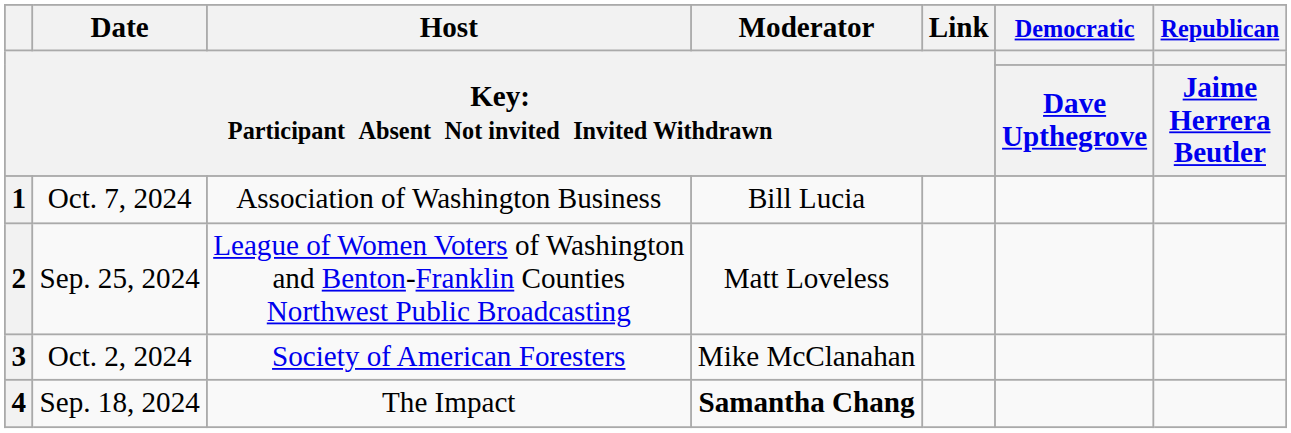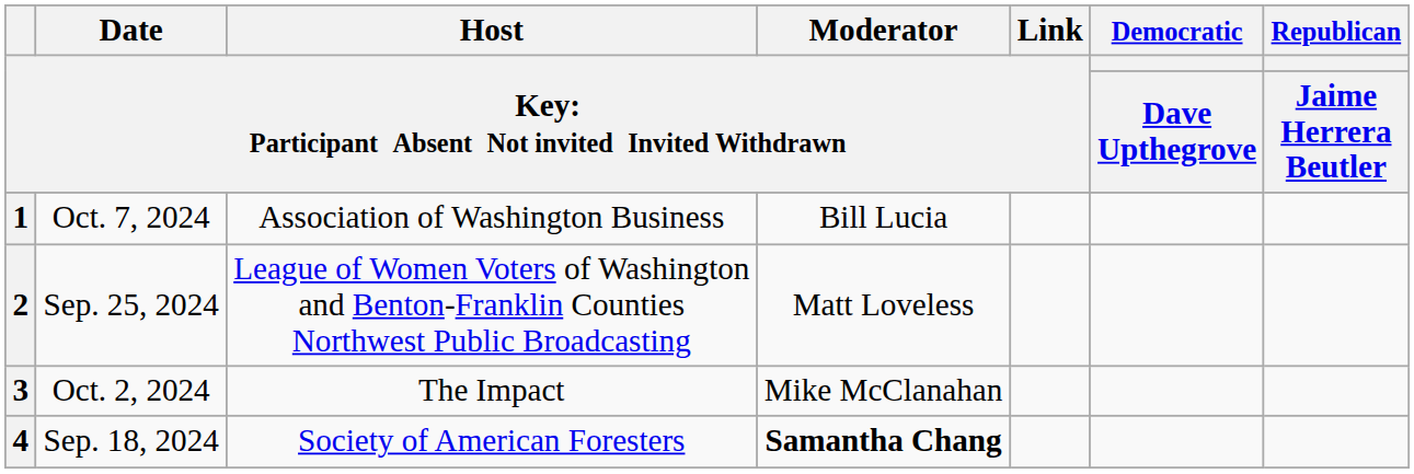 <table class="wikitable" style="text-align:center;">
 <tr>
 <th scope="col"></th>
 <th scope="col">Date</th>
 <th scope="col">Host</th>
 <th scope="col">Moderator</th>
 <th scope="col">Link</th>
 <th scope="col"><small><a href='#'>Democratic</a></small></th>
 <th scope="col"><small><a href='#'>Republican</a></small></th>
 </tr>
 <tr>
 <th colspan="5" rowspan="2">Key:<br> <small>Participant </small>  <small>Absent </small>  <small>Not invited </small>  <small>Invited  Withdrawn</small></th>
 <th scope="col" style="background:"></th>
 <th scope="col" style="background:"></th>
 </tr>
 <tr>
 <th scope="col"><a href='#'>Dave Upthegrove</a></th>
 <th scope="col"><a href='#'>Jaime Herrera Beutler</a></th>
 </tr>
 <tr>
 <th>1</th>
 <td style="white-space:nowrap;">Oct. 7, 2024</td>
 <td style="white-space:nowrap;">Association of Washington Business</td>
 <td style="white-space:nowrap;">Bill Lucia</td>
 <td style="white-space:nowrap;"></td>
 <td></td>
 <td></td>
 </tr>
 <tr>
 <th>2</th>
 <td style="white-space:nowrap;">Sep. 25, 2024</td>
 <td style="white-space:nowrap;"><a href='#'>League of Women Voters</a> of Washington<br>and <a href='#'>Benton</a>-<a href='#'>Franklin</a> Counties<br><a href='#'>Northwest Public Broadcasting</a></td>
 <td style="white-space:nowrap;">Matt Loveless</td>
 <td style="white-space:nowrap;"></td>
 <td></td>
 <td></td>
 </tr>
 <tr>
 <th>3</th>
 <td style="white-space:nowrap;">Oct. 2, 2024</td>
-<td style="white-space:nowrap;"><a href='#'>Society of American Foresters</a></td>
+<td style="white-space:nowrap;">The Impact</td>
 <td style="white-space:nowrap;">Mike McClanahan</td>
 <td style="white-space:nowrap;"></td>
 <td></td>
 <td></td>
 </tr>
 <tr>
 <th>4</th>
 <td style="white-space:nowrap;">Sep. 18, 2024</td>
-<td style="white-space:nowrap;">The Impact</td>
+<td style="white-space:nowrap;"><a href='#'>Society of American Foresters</a></td>
 <td style="white-space:nowrap;"><strong>Samantha Chang</strong></td>
 <td style="white-space:nowrap;"></td>
 <td></td>
 <td></td>
 </tr>
 </table>
